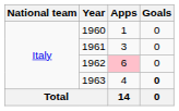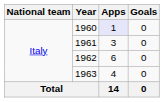 <table class="wikitable" style="text-align:center">
 <tr>
 <th>National team</th>
 <th>Year</th>
 <th width="40">Apps</th>
 <th width="40">Goals</th>
 </tr>
 <tr>
 <td rowspan="4"><a href='#'>Italy</a></td>
 <td>1960</td>
-<td>1</td>
+<td style="background: lavender;">1</td>
 <td>0</td>
 </tr>
 <tr>
 <td>1961</td>
 <td>3</td>
 <td>0</td>
 </tr>
 <tr>
 <td>1962</td>
-<td style="background: pink;">6</td>
+<td>6</td>
 <td>0</td>
 </tr>
 <tr>
 <td>1963</td>
 <td>4</td>
-<td><strong>0</strong></td>
+<td>0</td>
 </tr>
 <tr>
 <th colspan="2">Total</th>
 <th>14</th>
 <th>0</th>
 </tr>
 </table>
